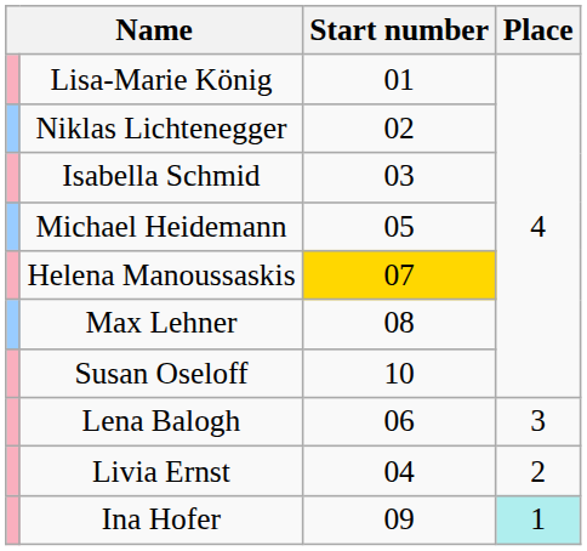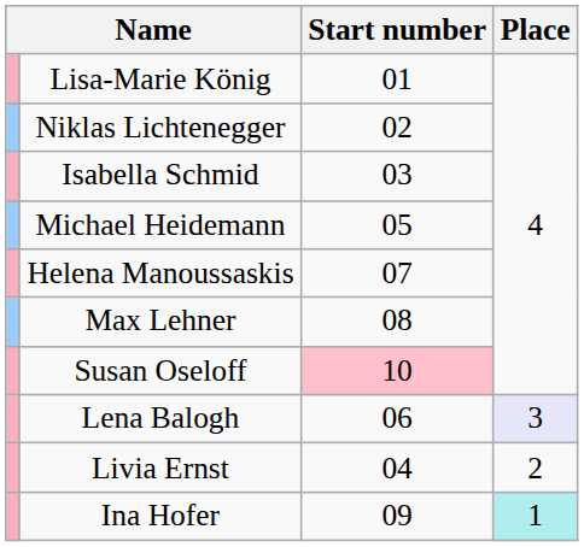 <table class="wikitable sortable" style="text-align:center">
 <tr>
 <th colspan=2>Name</th>
 <th>Start number</th>
 <th>Place</th>
 </tr>
 <tr>
 <td style="background:#faafbe"></td>
 <td>Lisa-Marie König</td>
 <td>01</td>
 <td rowspan=7>4</td>
 </tr>
 <tr>
 <td style="background:#9cf;"></td>
 <td>Niklas Lichtenegger</td>
 <td>02</td>
 </tr>
 <tr>
 <td style="background:#faafbe"></td>
 <td>Isabella Schmid</td>
 <td>03</td>
 </tr>
 <tr>
 <td style="background:#9cf;"></td>
 <td>Michael Heidemann</td>
 <td>05</td>
 </tr>
 <tr>
 <td style="background:#faafbe"></td>
 <td>Helena Manoussaskis</td>
-<td style="background: gold;">07</td>
+<td>07</td>
 </tr>
 <tr>
 <td style="background:#9cf;"></td>
 <td>Max Lehner</td>
 <td>08</td>
 </tr>
 <tr>
 <td style="background:#faafbe"></td>
 <td>Susan Oseloff</td>
-<td>10</td>
+<td style="background: pink;">10</td>
 </tr>
 <tr>
 <td style="background:#faafbe"></td>
 <td>Lena Balogh</td>
 <td>06</td>
-<td>3</td>
+<td style="background: lavender;">3</td>
 </tr>
 <tr>
 <td style="background:#faafbe"></td>
 <td>Livia Ernst</td>
 <td>04</td>
 <td>2</td>
 </tr>
 <tr>
 <td style="background:#faafbe"></td>
 <td>Ina Hofer</td>
 <td>09</td>
 <td style="background: paleturquoise;">1</td>
 </tr>
 </table>
